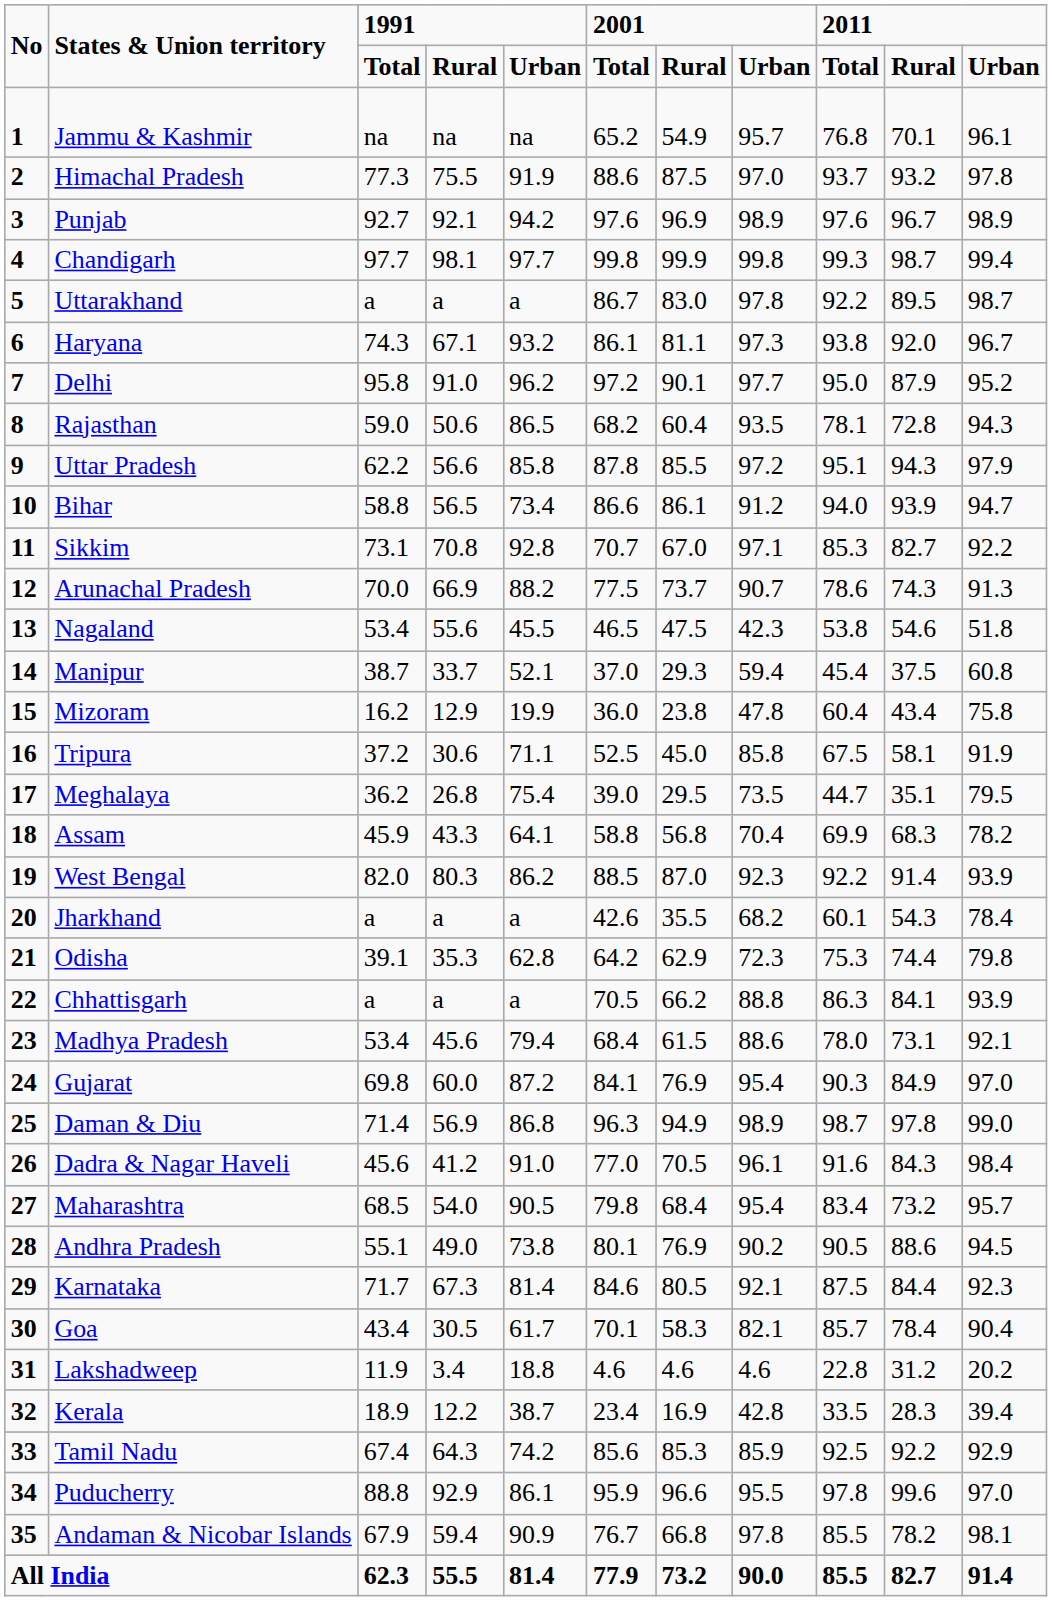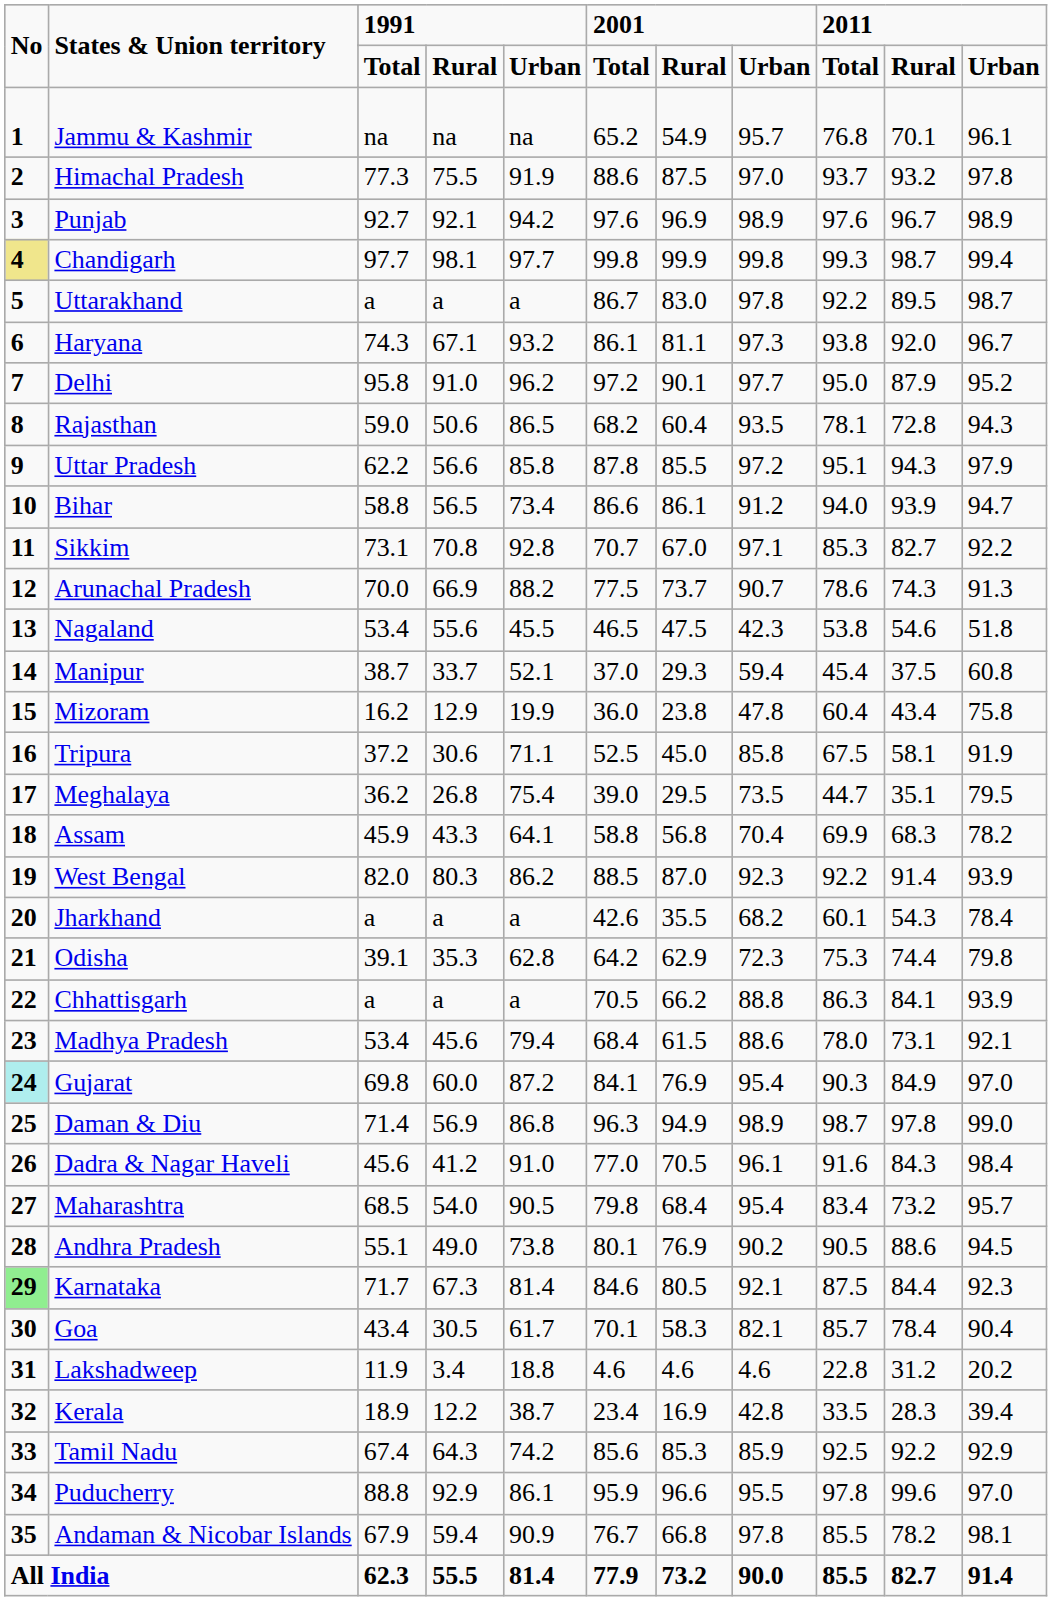 <table class="wikitable sortable">
 <tr>
 <td rowspan="2"><strong>No</strong></td>
 <td rowspan="2"><strong>States & Union territory</strong></td>
 <td colspan="4"><strong>1991</strong></td>
 <td colspan="3"><strong>2001</strong></td>
 <td colspan="3"><strong>2011</strong></td>
 </tr>
 <tr>
 <td colspan="2"><strong>Total</strong></td>
 <td><strong>Rural</strong></td>
 <td><strong>Urban</strong></td>
 <td><strong>Total</strong></td>
 <td><strong>Rural</strong></td>
 <td><strong>Urban</strong></td>
 <td><strong>Total</strong></td>
 <td><strong>Rural</strong></td>
 <td><strong>Urban</strong></td>
 </tr>
 <tr>
 <td><br><strong>1</strong></td>
 <td colspan="2"><br><a href='#'>Jammu & Kashmir</a></td>
 <td><br>na</td>
 <td><br>na</td>
 <td><br>na</td>
 <td><br>65.2</td>
 <td><br>54.9</td>
 <td><br>95.7</td>
 <td><br>76.8</td>
 <td><br>70.1</td>
 <td><br>96.1</td>
 </tr>
 <tr>
 <td><strong>2</strong></td>
 <td colspan="2"><a href='#'>Himachal Pradesh</a></td>
 <td>77.3</td>
 <td>75.5</td>
 <td>91.9</td>
 <td>88.6</td>
 <td>87.5</td>
 <td>97.0</td>
 <td>93.7</td>
 <td>93.2</td>
 <td>97.8</td>
 </tr>
 <tr>
 <td><strong>3</strong></td>
 <td colspan="2"><a href='#'>Punjab</a></td>
 <td>92.7</td>
 <td>92.1</td>
 <td>94.2</td>
 <td>97.6</td>
 <td>96.9</td>
 <td>98.9</td>
 <td>97.6</td>
 <td>96.7</td>
 <td>98.9</td>
 </tr>
 <tr>
-<td><strong>4</strong></td>
+<td style="background: khaki;"><strong>4</strong></td>
 <td colspan="2"><a href='#'>Chandigarh</a></td>
 <td>97.7</td>
 <td>98.1</td>
 <td>97.7</td>
 <td>99.8</td>
 <td>99.9</td>
 <td>99.8</td>
 <td>99.3</td>
 <td>98.7</td>
 <td>99.4</td>
 </tr>
 <tr>
 <td><strong>5</strong></td>
 <td colspan="2"><a href='#'>Uttarakhand</a></td>
 <td>a</td>
 <td>a</td>
 <td>a</td>
 <td>86.7</td>
 <td>83.0</td>
 <td>97.8</td>
 <td>92.2</td>
 <td>89.5</td>
 <td>98.7</td>
 </tr>
 <tr>
 <td><strong>6</strong></td>
 <td colspan="2"><a href='#'>Haryana</a></td>
 <td>74.3</td>
 <td>67.1</td>
 <td>93.2</td>
 <td>86.1</td>
 <td>81.1</td>
 <td>97.3</td>
 <td>93.8</td>
 <td>92.0</td>
 <td>96.7</td>
 </tr>
 <tr>
 <td><strong>7</strong></td>
 <td colspan="2"><a href='#'>Delhi</a></td>
 <td>95.8</td>
 <td>91.0</td>
 <td>96.2</td>
 <td>97.2</td>
 <td>90.1</td>
 <td>97.7</td>
 <td>95.0</td>
 <td>87.9</td>
 <td>95.2</td>
 </tr>
 <tr>
 <td><strong>8</strong></td>
 <td colspan="2"><a href='#'>Rajasthan</a></td>
 <td>59.0</td>
 <td>50.6</td>
 <td>86.5</td>
 <td>68.2</td>
 <td>60.4</td>
 <td>93.5</td>
 <td>78.1</td>
 <td>72.8</td>
 <td>94.3</td>
 </tr>
 <tr>
 <td><strong>9</strong></td>
 <td colspan="2"><a href='#'>Uttar Pradesh</a></td>
 <td>62.2</td>
 <td>56.6</td>
 <td>85.8</td>
 <td>87.8</td>
 <td>85.5</td>
 <td>97.2</td>
 <td>95.1</td>
 <td>94.3</td>
 <td>97.9</td>
 </tr>
 <tr>
 <td><strong>10</strong></td>
 <td colspan="2"><a href='#'>Bihar</a></td>
 <td>58.8</td>
 <td>56.5</td>
 <td>73.4</td>
 <td>86.6</td>
 <td>86.1</td>
 <td>91.2</td>
 <td>94.0</td>
 <td>93.9</td>
 <td>94.7</td>
 </tr>
 <tr>
 <td><strong>11</strong></td>
 <td colspan="2"><a href='#'>Sikkim</a></td>
 <td>73.1</td>
 <td>70.8</td>
 <td>92.8</td>
 <td>70.7</td>
 <td>67.0</td>
 <td>97.1</td>
 <td>85.3</td>
 <td>82.7</td>
 <td>92.2</td>
 </tr>
 <tr>
 <td><strong>12</strong></td>
 <td colspan="2"><a href='#'>Arunachal Pradesh</a></td>
 <td>70.0</td>
 <td>66.9</td>
 <td>88.2</td>
 <td>77.5</td>
 <td>73.7</td>
 <td>90.7</td>
 <td>78.6</td>
 <td>74.3</td>
 <td>91.3</td>
 </tr>
 <tr>
 <td><strong>13</strong></td>
 <td colspan="2"><a href='#'>Nagaland</a></td>
 <td>53.4</td>
 <td>55.6</td>
 <td>45.5</td>
 <td>46.5</td>
 <td>47.5</td>
 <td>42.3</td>
 <td>53.8</td>
 <td>54.6</td>
 <td>51.8</td>
 </tr>
 <tr>
 <td><strong>14</strong></td>
 <td colspan="2"><a href='#'>Manipur</a></td>
 <td>38.7</td>
 <td>33.7</td>
 <td>52.1</td>
 <td>37.0</td>
 <td>29.3</td>
 <td>59.4</td>
 <td>45.4</td>
 <td>37.5</td>
 <td>60.8</td>
 </tr>
 <tr>
 <td><strong>15</strong></td>
 <td colspan="2"><a href='#'>Mizoram</a></td>
 <td>16.2</td>
 <td>12.9</td>
 <td>19.9</td>
 <td>36.0</td>
 <td>23.8</td>
 <td>47.8</td>
 <td>60.4</td>
 <td>43.4</td>
 <td>75.8</td>
 </tr>
 <tr>
 <td><strong>16</strong></td>
 <td colspan="2"><a href='#'>Tripura</a></td>
 <td>37.2</td>
 <td>30.6</td>
 <td>71.1</td>
 <td>52.5</td>
 <td>45.0</td>
 <td>85.8</td>
 <td>67.5</td>
 <td>58.1</td>
 <td>91.9</td>
 </tr>
 <tr>
 <td><strong>17</strong></td>
 <td colspan="2"><a href='#'>Meghalaya</a></td>
 <td>36.2</td>
 <td>26.8</td>
 <td>75.4</td>
 <td>39.0</td>
 <td>29.5</td>
 <td>73.5</td>
 <td>44.7</td>
 <td>35.1</td>
 <td>79.5</td>
 </tr>
 <tr>
 <td><strong>18</strong></td>
 <td colspan="2"><a href='#'>Assam</a></td>
 <td>45.9</td>
 <td>43.3</td>
 <td>64.1</td>
 <td>58.8</td>
 <td>56.8</td>
 <td>70.4</td>
 <td>69.9</td>
 <td>68.3</td>
 <td>78.2</td>
 </tr>
 <tr>
 <td><strong>19</strong></td>
 <td colspan="2"><a href='#'>West Bengal</a></td>
 <td>82.0</td>
 <td>80.3</td>
 <td>86.2</td>
 <td>88.5</td>
 <td>87.0</td>
 <td>92.3</td>
 <td>92.2</td>
 <td>91.4</td>
 <td>93.9</td>
 </tr>
 <tr>
 <td><strong>20</strong></td>
 <td colspan="2"><a href='#'>Jharkhand</a></td>
 <td>a</td>
 <td>a</td>
 <td>a</td>
 <td>42.6</td>
 <td>35.5</td>
 <td>68.2</td>
 <td>60.1</td>
 <td>54.3</td>
 <td>78.4</td>
 </tr>
 <tr>
 <td><strong>21</strong></td>
 <td colspan="2"><a href='#'>Odisha</a></td>
 <td>39.1</td>
 <td>35.3</td>
 <td>62.8</td>
 <td>64.2</td>
 <td>62.9</td>
 <td>72.3</td>
 <td>75.3</td>
 <td>74.4</td>
 <td>79.8</td>
 </tr>
 <tr>
 <td><strong>22</strong></td>
 <td colspan="2"><a href='#'>Chhattisgarh</a></td>
 <td>a</td>
 <td>a</td>
 <td>a</td>
 <td>70.5</td>
 <td>66.2</td>
 <td>88.8</td>
 <td>86.3</td>
 <td>84.1</td>
 <td>93.9</td>
 </tr>
 <tr>
 <td><strong>23</strong></td>
 <td colspan="2"><a href='#'>Madhya Pradesh</a></td>
 <td>53.4</td>
 <td>45.6</td>
 <td>79.4</td>
 <td>68.4</td>
 <td>61.5</td>
 <td>88.6</td>
 <td>78.0</td>
 <td>73.1</td>
 <td>92.1</td>
 </tr>
 <tr>
-<td><strong>24</strong></td>
+<td style="background: paleturquoise;"><strong>24</strong></td>
 <td colspan="2"><a href='#'>Gujarat</a></td>
 <td>69.8</td>
 <td>60.0</td>
 <td>87.2</td>
 <td>84.1</td>
 <td>76.9</td>
 <td>95.4</td>
 <td>90.3</td>
 <td>84.9</td>
 <td>97.0</td>
 </tr>
 <tr>
 <td><strong>25</strong></td>
 <td colspan="2"><a href='#'>Daman & Diu</a></td>
 <td>71.4</td>
 <td>56.9</td>
 <td>86.8</td>
 <td>96.3</td>
 <td>94.9</td>
 <td>98.9</td>
 <td>98.7</td>
 <td>97.8</td>
 <td>99.0</td>
 </tr>
 <tr>
 <td><strong>26</strong></td>
 <td colspan="2"><a href='#'>Dadra & Nagar Haveli</a></td>
 <td>45.6</td>
 <td>41.2</td>
 <td>91.0</td>
 <td>77.0</td>
 <td>70.5</td>
 <td>96.1</td>
 <td>91.6</td>
 <td>84.3</td>
 <td>98.4</td>
 </tr>
 <tr>
 <td><strong>27</strong></td>
 <td colspan="2"><a href='#'>Maharashtra</a></td>
 <td>68.5</td>
 <td>54.0</td>
 <td>90.5</td>
 <td>79.8</td>
 <td>68.4</td>
 <td>95.4</td>
 <td>83.4</td>
 <td>73.2</td>
 <td>95.7</td>
 </tr>
 <tr>
 <td><strong>28</strong></td>
 <td colspan="2"><a href='#'>Andhra Pradesh</a></td>
 <td>55.1</td>
 <td>49.0</td>
 <td>73.8</td>
 <td>80.1</td>
 <td>76.9</td>
 <td>90.2</td>
 <td>90.5</td>
 <td>88.6</td>
 <td>94.5</td>
 </tr>
 <tr>
-<td><strong>29</strong></td>
+<td style="background: lightgreen;"><strong>29</strong></td>
 <td colspan="2"><a href='#'>Karnataka</a></td>
 <td>71.7</td>
 <td>67.3</td>
 <td>81.4</td>
 <td>84.6</td>
 <td>80.5</td>
 <td>92.1</td>
 <td>87.5</td>
 <td>84.4</td>
 <td>92.3</td>
 </tr>
 <tr>
 <td><strong>30</strong></td>
 <td colspan="2"><a href='#'>Goa</a></td>
 <td>43.4</td>
 <td>30.5</td>
 <td>61.7</td>
 <td>70.1</td>
 <td>58.3</td>
 <td>82.1</td>
 <td>85.7</td>
 <td>78.4</td>
 <td>90.4</td>
 </tr>
 <tr>
 <td><strong>31</strong></td>
 <td colspan="2"><a href='#'>Lakshadweep</a></td>
 <td>11.9</td>
 <td>3.4</td>
 <td>18.8</td>
 <td>4.6</td>
 <td>4.6</td>
 <td>4.6</td>
 <td>22.8</td>
 <td>31.2</td>
 <td>20.2</td>
 </tr>
 <tr>
 <td><strong>32</strong></td>
 <td colspan="2"><a href='#'>Kerala</a></td>
 <td>18.9</td>
 <td>12.2</td>
 <td>38.7</td>
 <td>23.4</td>
 <td>16.9</td>
 <td>42.8</td>
 <td>33.5</td>
 <td>28.3</td>
 <td>39.4</td>
 </tr>
 <tr>
 <td><strong>33</strong></td>
 <td colspan="2"><a href='#'>Tamil Nadu</a></td>
 <td>67.4</td>
 <td>64.3</td>
 <td>74.2</td>
 <td>85.6</td>
 <td>85.3</td>
 <td>85.9</td>
 <td>92.5</td>
 <td>92.2</td>
 <td>92.9</td>
 </tr>
 <tr>
 <td><strong>34</strong></td>
 <td colspan="2"><a href='#'>Puducherry</a></td>
 <td>88.8</td>
 <td>92.9</td>
 <td>86.1</td>
 <td>95.9</td>
 <td>96.6</td>
 <td>95.5</td>
 <td>97.8</td>
 <td>99.6</td>
 <td>97.0</td>
 </tr>
 <tr>
 <td><strong>35</strong></td>
 <td colspan="2"><a href='#'>Andaman & Nicobar Islands</a></td>
 <td>67.9</td>
 <td>59.4</td>
 <td>90.9</td>
 <td>76.7</td>
 <td>66.8</td>
 <td>97.8</td>
 <td>85.5</td>
 <td>78.2</td>
 <td>98.1</td>
 </tr>
 <tr>
 <td colspan="3"><strong>All  <a href='#'>India</a></strong></td>
 <td><strong>62.3</strong></td>
 <td><strong>55.5</strong></td>
 <td><strong>81.4</strong></td>
 <td><strong>77.9</strong></td>
 <td><strong>73.2</strong></td>
 <td><strong>90.0</strong></td>
 <td><strong>85.5</strong></td>
 <td><strong>82.7</strong></td>
 <td><strong>91.4</strong></td>
 </tr>
 </table>
